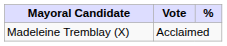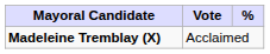 <table class="wikitable">
 <tr>
 <th style="background:#ddf; width:200px;">Mayoral Candidate</th>
 <th style="background:#ddf; width:50px;">Vote</th>
 <th style="background:#ddf; width:30px;">%</th>
 </tr>
 <tr>
-<td>Madeleine Tremblay (X)</td>
+<td><strong>Madeleine Tremblay (X)</strong></td>
 <td colspan="2">Acclaimed</td>
 </tr>
 </table>
